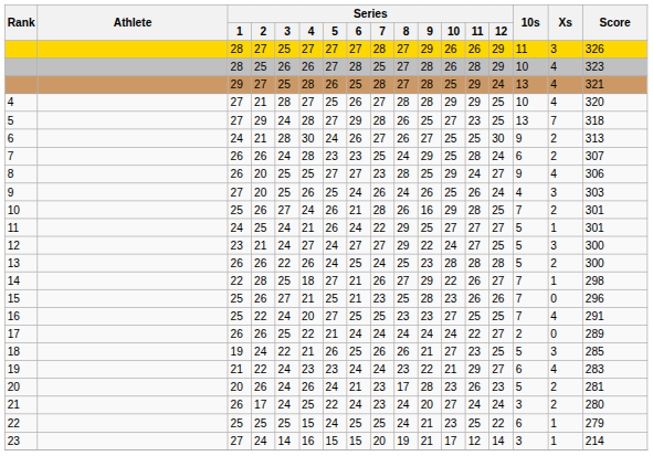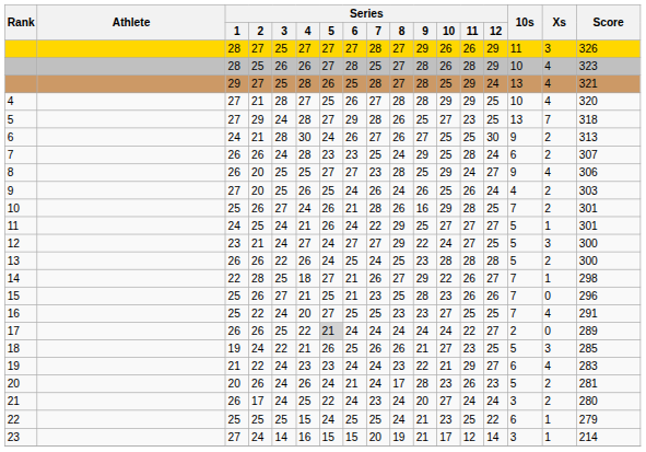 <table class="wikitable" style="font-size:95%" style="width:35em;" style="text-align:center">
 <tr>
 <th rowspan=2>Rank</th>
 <th rowspan=2 width=250>Athlete</th>
 <th colspan=12 width=400>Series</th>
 <th rowspan=2 width=40>10s</th>
 <th rowspan=2 width=40>Xs</th>
 <th rowspan=2 width=80>Score</th>
 </tr>
 <tr>
 <th>1</th>
 <th>2</th>
 <th>3</th>
 <th>4</th>
 <th>5</th>
 <th>6</th>
 <th>7</th>
 <th>8</th>
 <th>9</th>
 <th>10</th>
 <th>11</th>
 <th>12</th>
 </tr>
 <tr bgcolor=gold>
 <td></td>
 <td align=left></td>
 <td>28</td>
 <td>27</td>
 <td>25</td>
 <td>27</td>
 <td>27</td>
 <td>27</td>
 <td>28</td>
 <td>27</td>
 <td>29</td>
 <td>26</td>
 <td>26</td>
 <td>29</td>
 <td>11</td>
 <td>3</td>
 <td>326</td>
 </tr>
 <tr bgcolor=silver>
 <td></td>
 <td align=left></td>
 <td>28</td>
 <td>25</td>
 <td>26</td>
 <td>26</td>
 <td>27</td>
 <td>28</td>
 <td>25</td>
 <td>27</td>
 <td>28</td>
 <td>26</td>
 <td>28</td>
 <td>29</td>
 <td>10</td>
 <td>4</td>
 <td>323</td>
 </tr>
 <tr bgcolor=cc9966>
 <td></td>
 <td align=left></td>
 <td>29</td>
 <td>27</td>
 <td>25</td>
 <td>28</td>
 <td>26</td>
 <td>25</td>
 <td>28</td>
 <td>27</td>
 <td>28</td>
 <td>25</td>
 <td>29</td>
 <td>24</td>
 <td>13</td>
 <td>4</td>
 <td>321</td>
 </tr>
 <tr>
 <td>4</td>
 <td align=left></td>
 <td>27</td>
 <td>21</td>
 <td>28</td>
 <td>27</td>
 <td>25</td>
 <td>26</td>
 <td>27</td>
 <td>28</td>
 <td>28</td>
 <td>29</td>
 <td>29</td>
 <td>25</td>
 <td>10</td>
 <td>4</td>
 <td>320</td>
 </tr>
 <tr>
 <td>5</td>
 <td align=left></td>
 <td>27</td>
 <td>29</td>
 <td>24</td>
 <td>28</td>
 <td>27</td>
 <td>29</td>
 <td>28</td>
 <td>26</td>
 <td>25</td>
 <td>27</td>
 <td>23</td>
 <td>25</td>
 <td>13</td>
 <td>7</td>
 <td>318</td>
 </tr>
 <tr>
 <td>6</td>
 <td align=left></td>
 <td>24</td>
 <td>21</td>
 <td>28</td>
 <td>30</td>
 <td>24</td>
 <td>26</td>
 <td>27</td>
 <td>26</td>
 <td>27</td>
 <td>25</td>
 <td>25</td>
 <td>30</td>
 <td>9</td>
 <td>2</td>
 <td>313</td>
 </tr>
 <tr>
 <td>7</td>
 <td align=left></td>
 <td>26</td>
 <td>26</td>
 <td>24</td>
 <td>28</td>
 <td>23</td>
 <td>23</td>
 <td>25</td>
 <td>24</td>
 <td>29</td>
 <td>25</td>
 <td>28</td>
 <td>24</td>
 <td>6</td>
 <td>2</td>
 <td>307</td>
 </tr>
 <tr>
 <td>8</td>
 <td align=left></td>
 <td>26</td>
 <td>20</td>
 <td>25</td>
 <td>25</td>
 <td>27</td>
 <td>27</td>
 <td>23</td>
 <td>28</td>
 <td>25</td>
 <td>29</td>
 <td>24</td>
 <td>27</td>
 <td>9</td>
 <td>4</td>
 <td>306</td>
 </tr>
 <tr>
 <td>9</td>
 <td align=left></td>
 <td>27</td>
 <td>20</td>
 <td>25</td>
 <td>26</td>
 <td>25</td>
 <td>24</td>
 <td>26</td>
 <td>24</td>
 <td>26</td>
 <td>25</td>
 <td>26</td>
 <td>24</td>
 <td>4</td>
-<td>3</td>
+<td>2</td>
 <td>303</td>
 </tr>
 <tr>
 <td>10</td>
 <td align=left></td>
 <td>25</td>
 <td>26</td>
 <td>27</td>
 <td>24</td>
 <td>26</td>
 <td>21</td>
 <td>28</td>
 <td>26</td>
 <td>16</td>
 <td>29</td>
 <td>28</td>
 <td>25</td>
 <td>7</td>
 <td>2</td>
 <td>301</td>
 </tr>
 <tr>
 <td>11</td>
 <td align=left></td>
 <td>24</td>
 <td>25</td>
 <td>24</td>
 <td>21</td>
 <td>26</td>
 <td>24</td>
 <td>22</td>
 <td>29</td>
 <td>25</td>
 <td>27</td>
 <td>27</td>
 <td>27</td>
 <td>5</td>
 <td>1</td>
 <td>301</td>
 </tr>
 <tr>
 <td>12</td>
 <td align=left></td>
 <td>23</td>
 <td>21</td>
 <td>24</td>
 <td>27</td>
 <td>24</td>
 <td>27</td>
 <td>27</td>
 <td>29</td>
 <td>22</td>
 <td>24</td>
 <td>27</td>
 <td>25</td>
 <td>5</td>
 <td>3</td>
 <td>300</td>
 </tr>
 <tr>
 <td>13</td>
 <td align=left></td>
 <td>26</td>
 <td>26</td>
 <td>22</td>
 <td>26</td>
 <td>24</td>
 <td>25</td>
 <td>24</td>
 <td>25</td>
 <td>23</td>
 <td>28</td>
 <td>28</td>
 <td>28</td>
 <td>5</td>
 <td>2</td>
 <td>300</td>
 </tr>
 <tr>
 <td>14</td>
 <td align=left></td>
 <td>22</td>
 <td>28</td>
 <td>25</td>
 <td>18</td>
 <td>27</td>
 <td>21</td>
 <td>26</td>
 <td>27</td>
 <td>29</td>
 <td>22</td>
 <td>26</td>
 <td>27</td>
 <td>7</td>
 <td>1</td>
 <td>298</td>
 </tr>
 <tr>
 <td>15</td>
 <td align=left></td>
 <td>25</td>
 <td>26</td>
 <td>27</td>
 <td>21</td>
 <td>25</td>
 <td>21</td>
 <td>23</td>
 <td>25</td>
 <td>28</td>
 <td>23</td>
 <td>26</td>
 <td>26</td>
 <td>7</td>
 <td>0</td>
 <td>296</td>
 </tr>
 <tr>
 <td>16</td>
 <td align=left></td>
 <td>25</td>
 <td>22</td>
 <td>24</td>
 <td>20</td>
 <td>27</td>
 <td>25</td>
 <td>25</td>
 <td>23</td>
 <td>23</td>
 <td>27</td>
 <td>25</td>
 <td>25</td>
 <td>7</td>
 <td>4</td>
 <td>291</td>
 </tr>
 <tr>
 <td>17</td>
 <td align=left></td>
 <td>26</td>
 <td>26</td>
 <td>25</td>
 <td>22</td>
-<td>21</td>
+<td style="background: lightgrey;">21</td>
 <td>24</td>
 <td>24</td>
 <td>24</td>
 <td>24</td>
 <td>24</td>
 <td>22</td>
 <td>27</td>
 <td>2</td>
 <td>0</td>
 <td>289</td>
 </tr>
 <tr>
 <td>18</td>
 <td align=left></td>
 <td>19</td>
 <td>24</td>
 <td>22</td>
 <td>21</td>
 <td>26</td>
 <td>25</td>
 <td>26</td>
 <td>26</td>
 <td>21</td>
 <td>27</td>
 <td>23</td>
 <td>25</td>
 <td>5</td>
 <td>3</td>
 <td>285</td>
 </tr>
 <tr>
 <td>19</td>
 <td align=left></td>
 <td>21</td>
 <td>22</td>
 <td>24</td>
 <td>23</td>
 <td>23</td>
 <td>24</td>
 <td>24</td>
 <td>23</td>
 <td>22</td>
 <td>21</td>
 <td>29</td>
 <td>27</td>
 <td>6</td>
 <td>4</td>
 <td>283</td>
 </tr>
 <tr>
 <td>20</td>
 <td align=left></td>
 <td>20</td>
 <td>26</td>
 <td>24</td>
 <td>26</td>
 <td>24</td>
 <td>21</td>
-<td>23</td>
+<td>24</td>
 <td>17</td>
 <td>28</td>
 <td>23</td>
 <td>26</td>
 <td>23</td>
 <td>5</td>
 <td>2</td>
 <td>281</td>
 </tr>
 <tr>
 <td>21</td>
 <td align=left></td>
 <td>26</td>
 <td>17</td>
 <td>24</td>
 <td>25</td>
 <td>22</td>
 <td>24</td>
 <td>23</td>
 <td>24</td>
 <td>20</td>
 <td>27</td>
 <td>24</td>
 <td>24</td>
 <td>3</td>
 <td>2</td>
 <td>280</td>
 </tr>
 <tr>
 <td>22</td>
 <td align=left></td>
 <td>25</td>
 <td>25</td>
 <td>25</td>
 <td>15</td>
 <td>24</td>
 <td>25</td>
 <td>25</td>
 <td>24</td>
 <td>21</td>
 <td>23</td>
 <td>25</td>
 <td>22</td>
 <td>6</td>
 <td>1</td>
 <td>279</td>
 </tr>
 <tr>
 <td>23</td>
 <td align=left></td>
 <td>27</td>
 <td>24</td>
 <td>14</td>
 <td>16</td>
 <td>15</td>
 <td>15</td>
 <td>20</td>
 <td>19</td>
 <td>21</td>
 <td>17</td>
 <td>12</td>
 <td>14</td>
 <td>3</td>
 <td>1</td>
 <td>214</td>
 </tr>
 <tr>
 </tr>
 </table>
